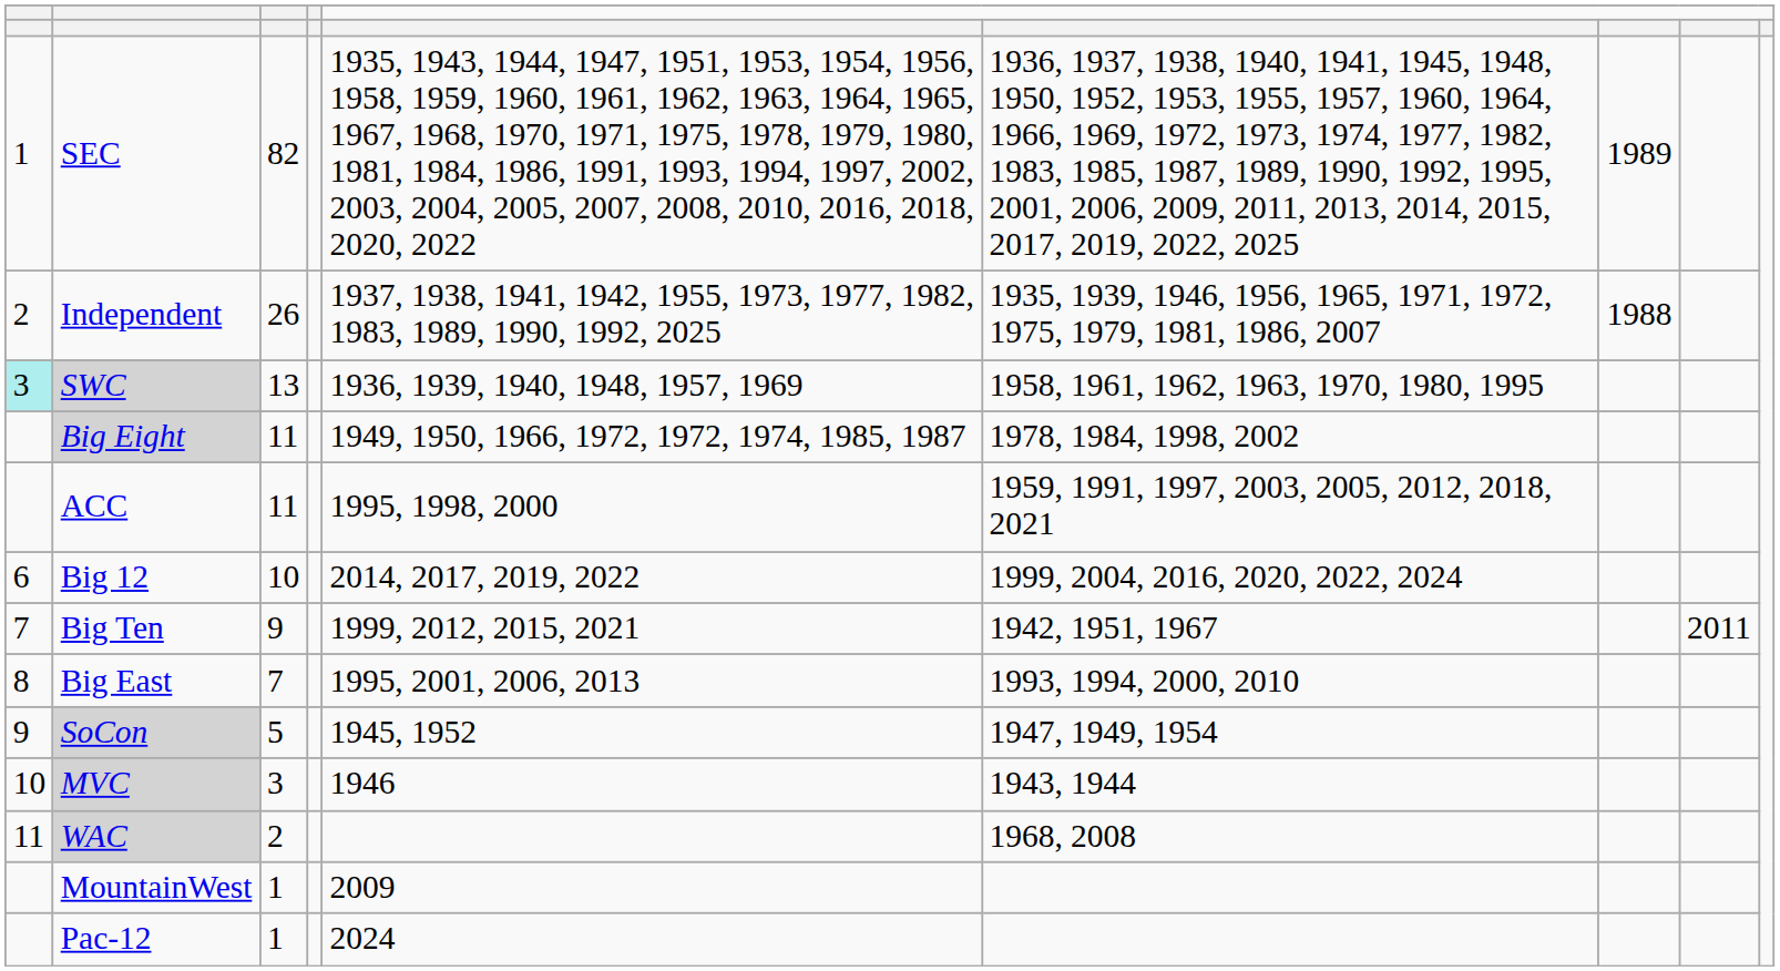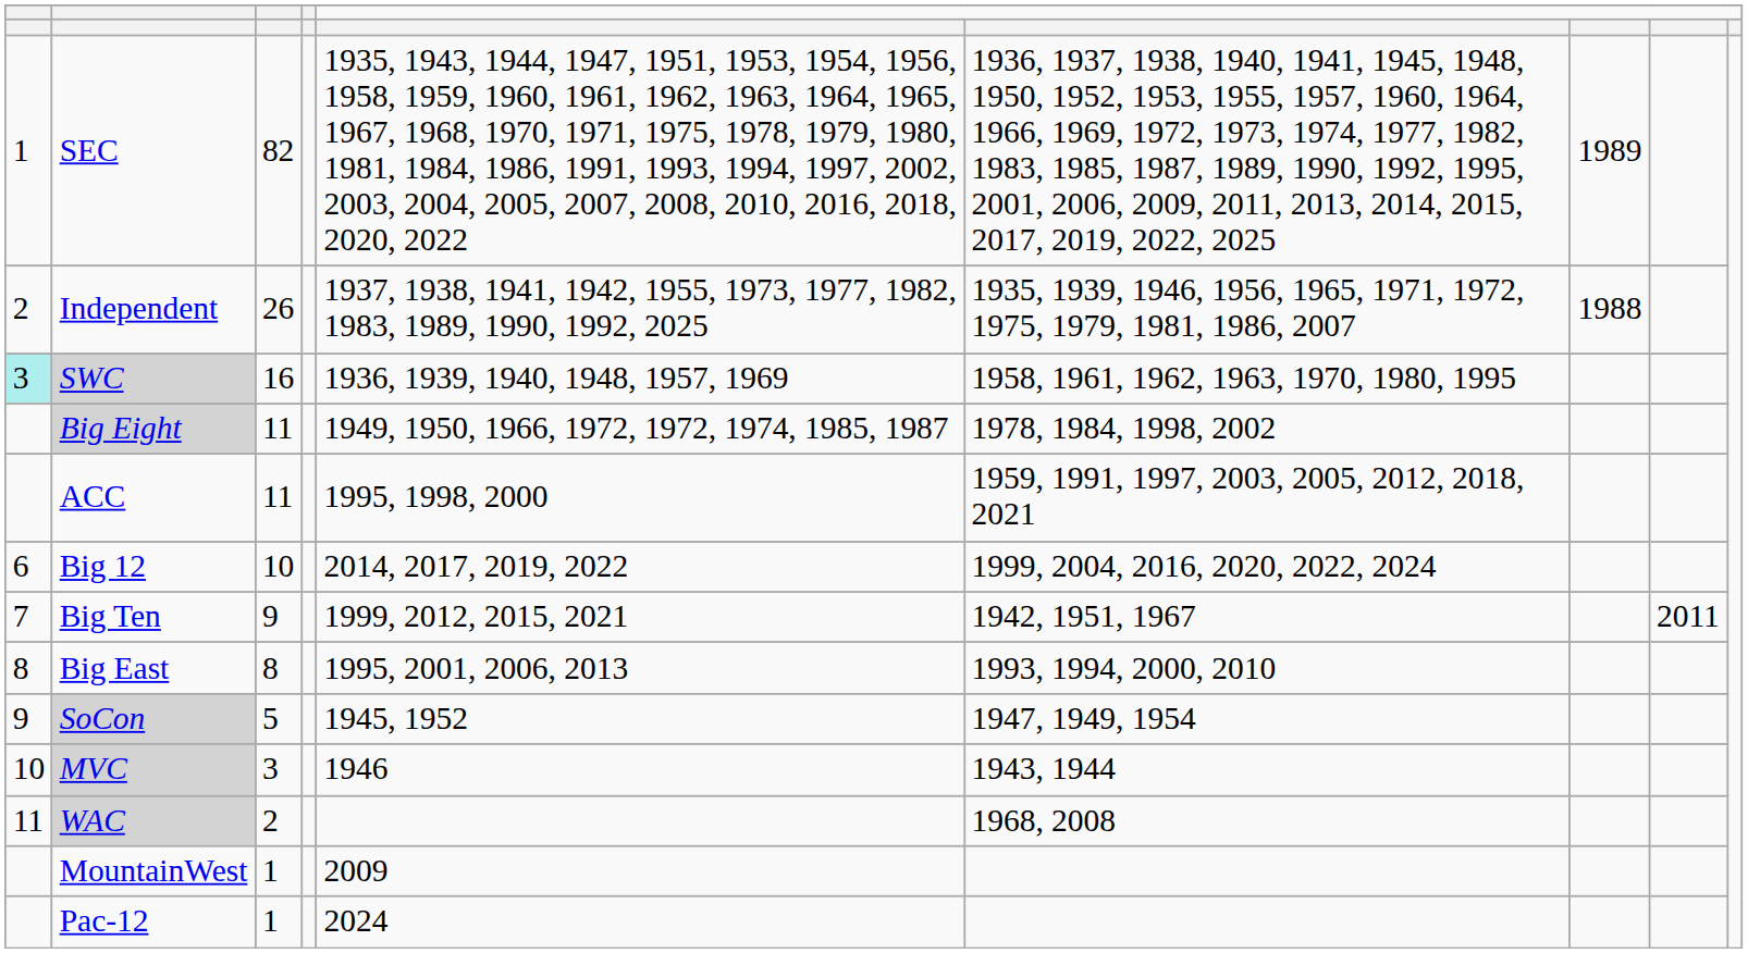 <table class="wikitable sortable">
 <tr>
 <th></th>
 <th></th>
 <th></th>
 <th></th>
 </tr>
 <tr>
 <th></th>
 <th></th>
 <th></th>
 <th></th>
 <th></th>
 <th></th>
 <th></th>
 <th></th>
 <th></th>
 </tr>
 <tr>
 <td>1</td>
 <td><a href='#'>SEC</a></td>
 <td>82</td>
 <td></td>
 <td>1935, 1943, 1944, 1947, 1951, 1953, 1954, 1956, 1958, 1959, 1960, 1961, 1962, 1963, 1964, 1965, 1967, 1968, 1970, 1971, 1975, 1978, 1979, 1980, 1981, 1984, 1986, 1991, 1993, 1994, 1997, 2002, 2003, 2004, 2005, 2007, 2008, 2010, 2016, 2018, 2020, 2022</td>
 <td>1936, 1937, 1938, 1940, 1941, 1945, 1948, 1950, 1952, 1953, 1955, 1957, 1960, 1964, 1966, 1969, 1972, 1973, 1974, 1977, 1982, 1983, 1985, 1987, 1989, 1990, 1992, 1995, 2001, 2006, 2009, 2011, 2013, 2014, 2015, 2017, 2019, 2022, 2025</td>
 <td>1989</td>
 <td></td>
 </tr>
 <tr>
 <td>2</td>
 <td><a href='#'>Independent</a></td>
 <td>26</td>
 <td></td>
 <td>1937, 1938, 1941, 1942, 1955, 1973, 1977, 1982, 1983, 1989, 1990, 1992, 2025</td>
 <td>1935, 1939, 1946, 1956, 1965, 1971, 1972, 1975, 1979, 1981, 1986, 2007</td>
 <td>1988</td>
 <td></td>
 </tr>
 <tr>
 <td style="background: paleturquoise;">3</td>
 <td bgcolor=lightgrey><em><a href='#'>SWC</a></em></td>
-<td>13</td>
+<td>16</td>
 <td></td>
 <td>1936, 1939, 1940, 1948, 1957, 1969</td>
 <td>1958, 1961, 1962, 1963, 1970, 1980, 1995</td>
 <td></td>
 <td></td>
 </tr>
 <tr>
 <td></td>
 <td bgcolor=lightgrey><em><a href='#'>Big Eight</a></em></td>
 <td>11</td>
 <td></td>
 <td>1949, 1950, 1966, 1972, 1972, 1974, 1985, 1987</td>
 <td>1978, 1984, 1998, 2002</td>
 <td></td>
 <td></td>
 </tr>
 <tr>
 <td></td>
 <td><a href='#'>ACC</a></td>
 <td>11</td>
 <td></td>
 <td>1995, 1998, 2000</td>
 <td>1959, 1991, 1997, 2003, 2005, 2012, 2018, 2021</td>
 <td></td>
 <td></td>
 </tr>
 <tr>
 <td>6</td>
 <td><a href='#'>Big 12</a></td>
 <td>10</td>
 <td></td>
 <td>2014, 2017, 2019, 2022</td>
 <td>1999, 2004, 2016, 2020, 2022, 2024</td>
 <td></td>
 <td></td>
 </tr>
 <tr>
 <td>7</td>
 <td><a href='#'>Big Ten</a></td>
 <td>9</td>
 <td> </td>
 <td>1999, 2012, 2015, 2021</td>
 <td>1942, 1951, 1967</td>
 <td></td>
 <td>2011</td>
 </tr>
 <tr>
 <td>8</td>
 <td><a href='#'>Big East</a></td>
-<td>7</td>
+<td>8</td>
 <td></td>
 <td>1995, 2001, 2006, 2013</td>
 <td>1993, 1994, 2000, 2010</td>
 <td></td>
 <td></td>
 </tr>
 <tr>
 <td>9</td>
 <td bgcolor=lightgrey><em><a href='#'>SoCon</a></em></td>
 <td>5</td>
 <td></td>
 <td>1945, 1952</td>
 <td>1947, 1949, 1954</td>
 <td></td>
 <td></td>
 </tr>
 <tr>
 <td>10</td>
 <td bgcolor=lightgrey><em><a href='#'>MVC</a></em></td>
 <td>3</td>
 <td></td>
 <td>1946</td>
 <td>1943, 1944</td>
 <td></td>
 <td></td>
 </tr>
 <tr>
 <td>11</td>
 <td bgcolor=lightgrey><em><a href='#'>WAC</a></em></td>
 <td>2</td>
 <td></td>
 <td></td>
 <td>1968, 2008</td>
 <td></td>
 <td></td>
 </tr>
 <tr>
 <td></td>
 <td><a href='#'>MountainWest</a></td>
 <td>1</td>
 <td></td>
 <td>2009</td>
 <td></td>
 <td></td>
 <td></td>
 </tr>
 <tr>
 <td></td>
 <td><a href='#'>Pac-12</a></td>
 <td>1</td>
 <td></td>
 <td>2024</td>
 <td></td>
 <td></td>
 <td></td>
 </tr>
 </table>
